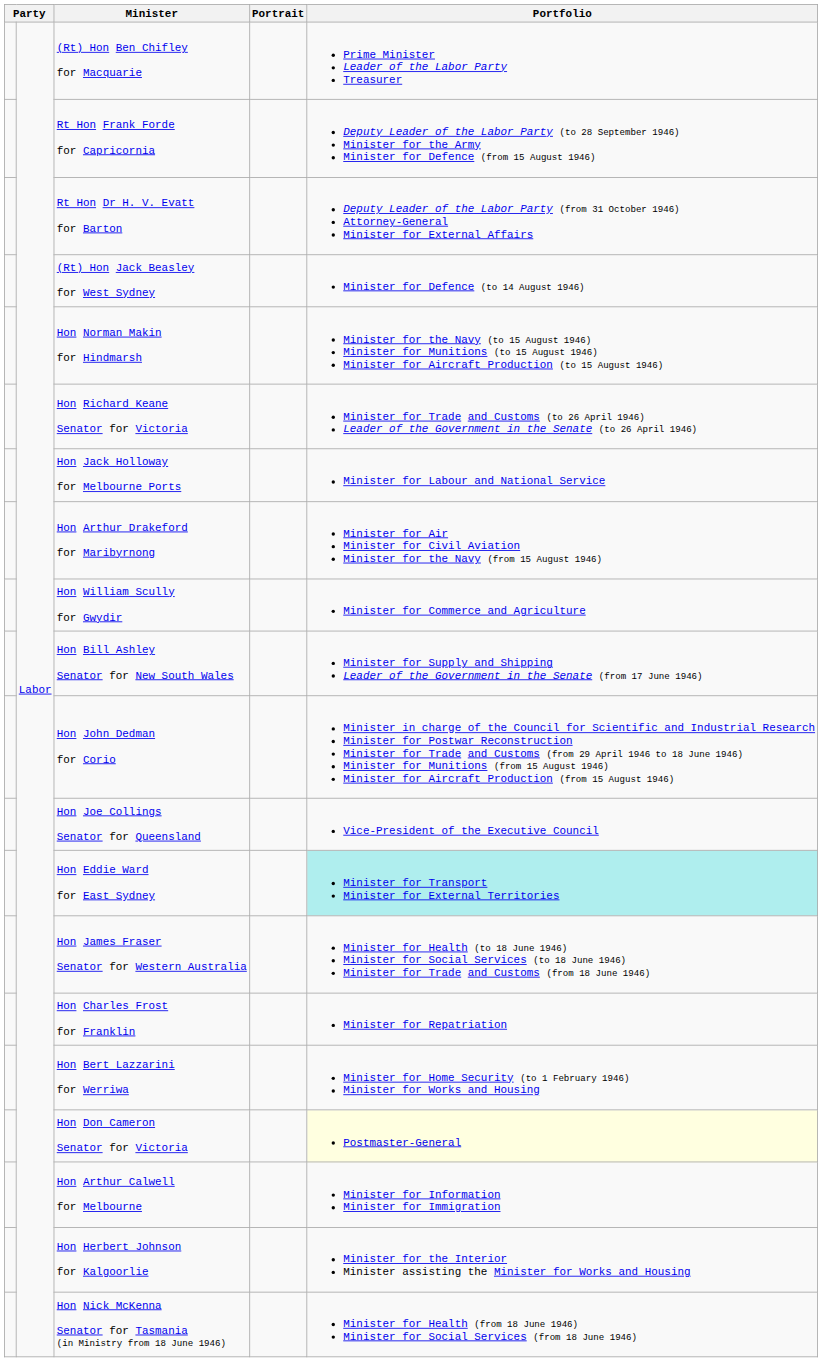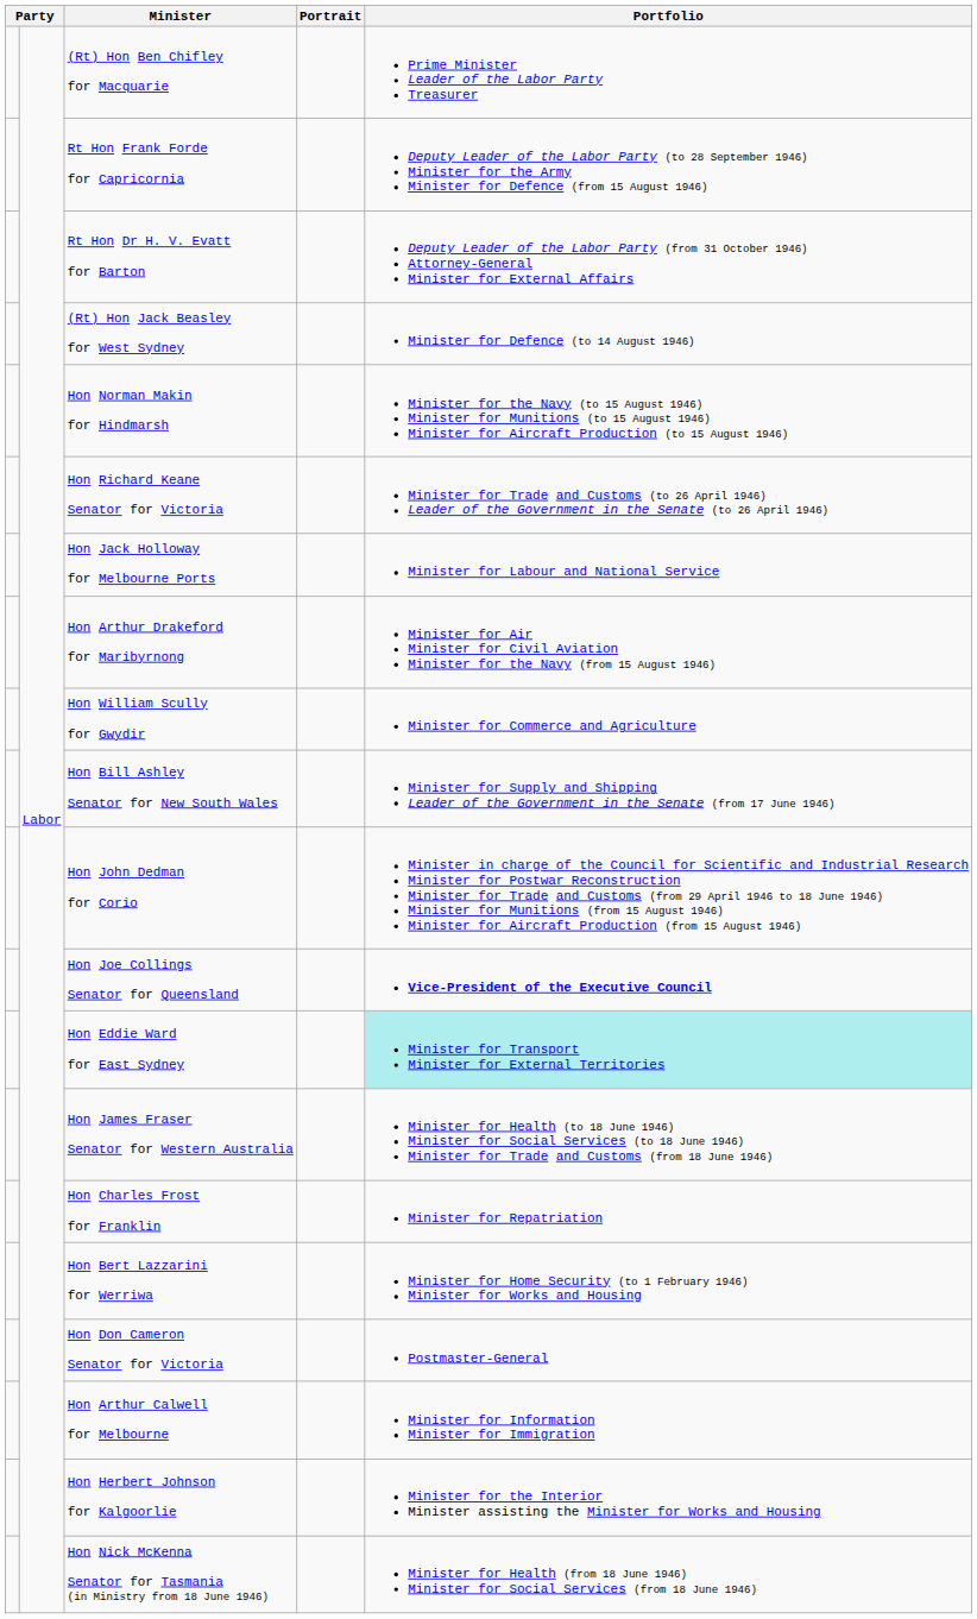 <table class="wikitable sortable">
 <tr>
 <th colspan="2">Party</th>
 <th>Minister</th>
 <th>Portrait</th>
 <th>Portfolio</th>
 </tr>
 <tr>
 <td> </td>
 <td rowspan=20><a href='#'>Labor</a></td>
 <td><a href='#'>(Rt) Hon</a> <a href='#'>Ben Chifley</a> <br><br> for <a href='#'>Macquarie</a> <br></td>
 <td></td>
 <td><br><ul><li><a href='#'>Prime Minister</a></li><li><em><a href='#'>Leader of the Labor Party</a></em></li><li><a href='#'>Treasurer</a></li></ul></td>
 </tr>
 <tr>
 <td> </td>
 <td><a href='#'>Rt Hon</a> <a href='#'>Frank Forde</a> <br><br> for <a href='#'>Capricornia</a> <br></td>
 <td></td>
 <td><br><ul><li><em><a href='#'>Deputy Leader of the Labor Party</a></em> <small>(to 28 September 1946)</small></li><li><a href='#'>Minister for the Army</a></li><li><a href='#'>Minister for Defence</a> <small>(from 15 August 1946)</small></li></ul></td>
 </tr>
 <tr>
 <td> </td>
 <td><a href='#'>Rt Hon</a> <a href='#'>Dr H. V. Evatt</a>  <br><br> for <a href='#'>Barton</a> <br></td>
 <td></td>
 <td><br><ul><li><em><a href='#'>Deputy Leader of the Labor Party</a></em> <small>(from 31 October 1946)</small></li><li><a href='#'>Attorney-General</a></li><li><a href='#'>Minister for External Affairs</a></li></ul></td>
 </tr>
 <tr>
 <td> </td>
 <td><a href='#'>(Rt) Hon</a> <a href='#'>Jack Beasley</a> <br><br> for <a href='#'>West Sydney</a> <br></td>
 <td></td>
 <td><br><ul><li><a href='#'>Minister for Defence</a> <small>(to 14 August 1946)</small></li></ul></td>
 </tr>
 <tr>
 <td> </td>
 <td><a href='#'>Hon</a> <a href='#'>Norman Makin</a> <br><br> for <a href='#'>Hindmarsh</a> <br></td>
 <td></td>
 <td><br><ul><li><a href='#'>Minister for the Navy</a> <small>(to 15 August 1946)</small></li><li><a href='#'>Minister for Munitions</a> <small>(to 15 August 1946)</small></li><li><a href='#'>Minister for Aircraft Production</a> <small>(to 15 August 1946)</small></li></ul></td>
 </tr>
 <tr>
 <td> </td>
 <td><a href='#'>Hon</a> <a href='#'>Richard Keane</a> <br><br><a href='#'>Senator</a> for <a href='#'>Victoria</a> <br></td>
 <td></td>
 <td><br><ul><li><a href='#'>Minister for Trade</a> <a href='#'>and Customs</a> <small>(to 26 April 1946)</small></li><li><em><a href='#'>Leader of the Government in the Senate</a></em> <small>(to 26 April 1946)</small></li></ul></td>
 </tr>
 <tr>
 <td> </td>
 <td><a href='#'>Hon</a> <a href='#'>Jack Holloway</a> <br><br> for <a href='#'>Melbourne Ports</a> <br></td>
 <td></td>
 <td><br><ul><li><a href='#'>Minister for Labour and National Service</a></li></ul></td>
 </tr>
 <tr>
 <td> </td>
 <td><a href='#'>Hon</a> <a href='#'>Arthur Drakeford</a> <br><br> for <a href='#'>Maribyrnong</a> <br></td>
 <td></td>
 <td><br><ul><li><a href='#'>Minister for Air</a></li><li><a href='#'>Minister for Civil Aviation</a></li><li><a href='#'>Minister for the Navy</a> <small>(from 15 August 1946)</small></li></ul></td>
 </tr>
 <tr>
 <td> </td>
 <td><a href='#'>Hon</a> <a href='#'>William Scully</a> <br><br> for <a href='#'>Gwydir</a> <br></td>
 <td></td>
 <td><br><ul><li><a href='#'>Minister for Commerce and Agriculture</a></li></ul></td>
 </tr>
 <tr>
 <td> </td>
 <td><a href='#'>Hon</a> <a href='#'>Bill Ashley</a> <br><br><a href='#'>Senator</a> for <a href='#'>New South Wales</a> <br></td>
 <td></td>
 <td><br><ul><li><a href='#'>Minister for Supply and Shipping</a></li><li><em><a href='#'>Leader of the Government in the Senate</a></em> <small>(from 17 June 1946)</small></li></ul></td>
 </tr>
 <tr>
 <td> </td>
 <td><a href='#'>Hon</a> <a href='#'>John Dedman</a> <br><br> for <a href='#'>Corio</a> <br></td>
 <td></td>
 <td><br><ul><li><a href='#'>Minister in charge of the Council for Scientific and Industrial Research</a></li><li><a href='#'>Minister for Postwar Reconstruction</a></li><li><a href='#'>Minister for Trade</a> <a href='#'>and Customs</a> <small>(from 29 April 1946 to 18 June 1946)</small></li><li><a href='#'>Minister for Munitions</a> <small>(from 15 August 1946)</small></li><li><a href='#'>Minister for Aircraft Production</a> <small>(from 15 August 1946)</small></li></ul></td>
 </tr>
 <tr>
 <td> </td>
 <td><a href='#'>Hon</a> <a href='#'>Joe Collings</a> <br><br><a href='#'>Senator</a> for <a href='#'>Queensland</a> <br></td>
 <td></td>
-<td><br><ul><li><a href='#'>Vice-President of the Executive Council</a></li></ul></td>
+<td><strong><br><ul><li><a href='#'>Vice-President of the Executive Council</a></li></ul></strong></td>
 </tr>
 <tr>
 <td> </td>
 <td><a href='#'>Hon</a> <a href='#'>Eddie Ward</a> <br><br> for <a href='#'>East Sydney</a> <br></td>
 <td></td>
 <td style="background: paleturquoise;"><br><ul><li><a href='#'>Minister for Transport</a></li><li><a href='#'>Minister for External Territories</a></li></ul></td>
 </tr>
 <tr>
 <td> </td>
 <td><a href='#'>Hon</a> <a href='#'>James Fraser</a> <br><br><a href='#'>Senator</a> for <a href='#'>Western Australia</a> <br></td>
 <td></td>
 <td><br><ul><li><a href='#'>Minister for Health</a> <small>(to 18 June 1946)</small></li><li><a href='#'>Minister for Social Services</a> <small>(to 18 June 1946)</small></li><li><a href='#'>Minister for Trade</a> <a href='#'>and Customs</a> <small>(from 18 June 1946)</small></li></ul></td>
 </tr>
 <tr>
 <td> </td>
 <td><a href='#'>Hon</a> <a href='#'>Charles Frost</a> <br><br> for <a href='#'>Franklin</a> <br></td>
 <td></td>
 <td><br><ul><li><a href='#'>Minister for Repatriation</a></li></ul></td>
 </tr>
 <tr>
 <td> </td>
 <td><a href='#'>Hon</a> <a href='#'>Bert Lazzarini</a> <br><br> for <a href='#'>Werriwa</a> <br></td>
 <td></td>
 <td><br><ul><li><a href='#'>Minister for Home Security</a> <small>(to 1 February 1946)</small></li><li><a href='#'>Minister for Works and Housing</a></li></ul></td>
 </tr>
 <tr>
 <td> </td>
 <td><a href='#'>Hon</a> <a href='#'>Don Cameron</a> <br><br><a href='#'>Senator</a> for <a href='#'>Victoria</a> <br></td>
 <td></td>
-<td style="background: lightyellow;"><br><ul><li><a href='#'>Postmaster-General</a></li></ul></td>
+<td><br><ul><li><a href='#'>Postmaster-General</a></li></ul></td>
 </tr>
 <tr>
 <td> </td>
 <td><a href='#'>Hon</a> <a href='#'>Arthur Calwell</a> <br><br> for <a href='#'>Melbourne</a> <br></td>
 <td></td>
 <td><br><ul><li><a href='#'>Minister for Information</a></li><li><a href='#'>Minister for Immigration</a></li></ul></td>
 </tr>
 <tr>
 <td> </td>
 <td><a href='#'>Hon</a> <a href='#'>Herbert Johnson</a> <br><br> for <a href='#'>Kalgoorlie</a> <br></td>
 <td></td>
 <td><br><ul><li><a href='#'>Minister for the Interior</a></li><li>Minister assisting the <a href='#'>Minister for Works and Housing</a></li></ul></td>
 </tr>
 <tr>
 <td> </td>
 <td><a href='#'>Hon</a> <a href='#'>Nick McKenna</a> <br><br><a href='#'>Senator</a> for <a href='#'>Tasmania</a> <br> <small>(in Ministry from 18 June 1946)</small></td>
 <td></td>
 <td><br><ul><li><a href='#'>Minister for Health</a> <small>(from 18 June 1946)</small></li><li><a href='#'>Minister for Social Services</a> <small>(from 18 June 1946)</small></li></ul></td>
 </tr>
 </table>
